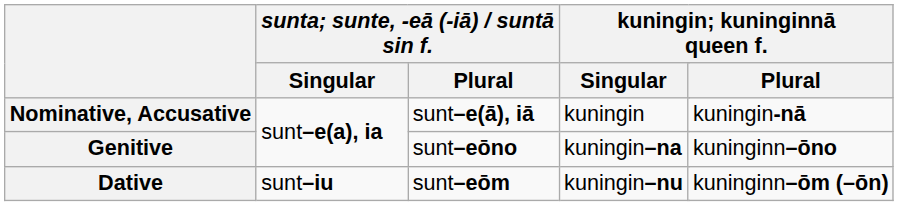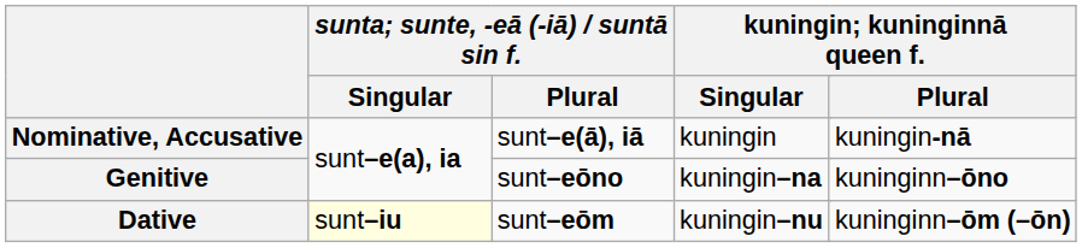 <table class="wikitable">
 <tr>
 <th rowspan="2"></th>
 <th colspan="4"><strong><em>sunta; sunte, -eā (-iā) / suntā<em><br> sin f.<strong></th>
 <th colspan="4"></em></strong>kuningin; kuninginnā</em><br> queen f.</strong></th>
 </tr>
 <tr>
 <th><strong>Singular</strong></th>
 <th colspan="3"><strong>Plural</strong></th>
 <th colspan="2"><strong>Singular</strong></th>
 <th colspan="2"><strong>Plural</strong></th>
 </tr>
 <tr>
 <th><strong>Nominative, Accusative</strong></th>
 <td rowspan="2">sunt<strong>–e(a), ia</strong></td>
 <td colspan="3">sunt<strong>–e(ā), iā</strong></td>
 <td colspan="2">kuningin</td>
 <td colspan="2">kuningin<strong>-nā</strong></td>
 </tr>
 <tr>
 <th><strong>Genitive</strong></th>
 <td colspan="3">sunt<strong>–eōno</strong></td>
 <td colspan="2">kuningin<strong>–na</strong></td>
 <td colspan="2">kuninginn<strong>–ōno</strong></td>
 </tr>
 <tr>
 <th><strong>Dative</strong></th>
-<td>sunt<strong>–iu</strong></td>
+<td style="background: lightyellow;">sunt<strong>–iu</strong></td>
 <td colspan="3">sunt<strong>–eōm</strong></td>
 <td colspan="2">kuningin<strong>–nu</strong></td>
 <td colspan="2">kuninginn<strong>–ōm (–ōn)</strong></td>
 </tr>
 </table>
